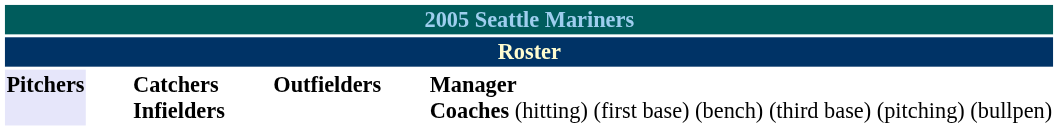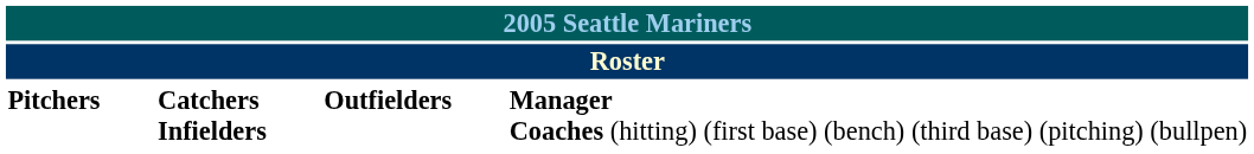 <table class="toccolours" style="font-size: 95%;">
 <tr>
 <th colspan="10" style="background-color: #005c5c; color:#9ECEEE; text-align: center;">2005 Seattle Mariners</th>
 </tr>
 <tr>
 <td colspan="10" style="background-color: #003366; color: #FFFDD0; text-align: center;"><strong>Roster</strong></td>
 </tr>
 <tr>
-<td valign="top" style="background: lavender;"><strong>Pitchers</strong><br>                   </td>
+<td valign="top"><strong>Pitchers</strong><br>                   </td>
 <td width="25px"></td>
 <td valign="top"><strong>Catchers</strong><br>       <strong>Infielders</strong>            </td>
 <td width="25px"></td>
 <td valign="top"><strong>Outfielders</strong><br>       </td>
 <td width="25px"></td>
 <td valign="top"><strong>Manager</strong><br> <strong>Coaches</strong>  (hitting)  (first base)  (bench)  (third base)  (pitching)  (bullpen)</td>
 </tr>
 </table>
